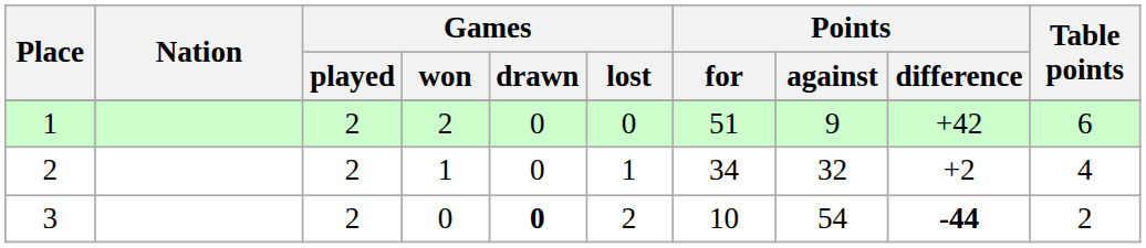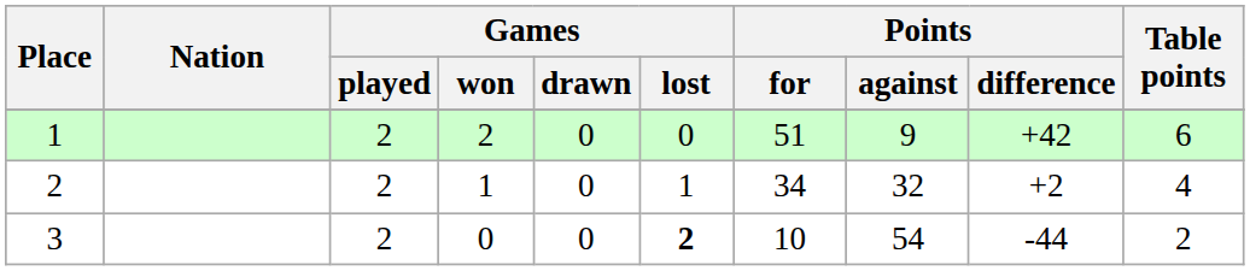 <table class="wikitable">
 <tr>
 <th rowspan=2 width="8%">Place</th>
 <th rowspan=2 width="20%">Nation</th>
 <th colspan=4 width="32%">Games</th>
 <th colspan=3 width="30%">Points</th>
 <th rowspan=2 width="10%">Table<br>points</th>
 </tr>
 <tr>
 <th width="8%">played</th>
 <th width="8%">won</th>
 <th width="8%">drawn</th>
 <th width="8%">lost</th>
 <th width="10%">for</th>
 <th width="10%">against</th>
 <th width="10%">difference</th>
 </tr>
 <tr>
 </tr>
 <tr bgcolor=#ccffcc align=center>
 <td>1</td>
 <td align=left><strong></strong></td>
 <td>2</td>
 <td>2</td>
 <td>0</td>
 <td>0</td>
 <td>51</td>
 <td>9</td>
 <td>+42</td>
 <td>6</td>
 </tr>
 <tr bgcolor=#ffffff align=center>
 <td>2</td>
 <td align=left></td>
 <td>2</td>
 <td>1</td>
 <td>0</td>
 <td>1</td>
 <td>34</td>
 <td>32</td>
 <td>+2</td>
 <td>4</td>
 </tr>
 <tr bgcolor=#ffffff align=center>
 <td>3</td>
 <td align=left></td>
 <td>2</td>
 <td>0</td>
-<td><strong>0</strong></td>
-<td>2</td>
+<td>0</td>
+<td><strong>2</strong></td>
 <td>10</td>
 <td>54</td>
-<td><strong>-44</strong></td>
+<td>-44</td>
 <td>2</td>
 </tr>
 </table>
